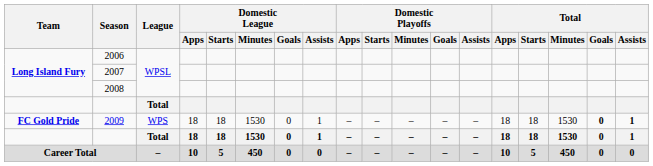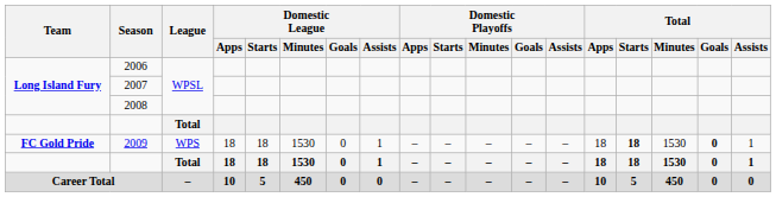 <table class="wikitable" style=font-size:90% text-align: center width=75%>
 <tr>
 <th rowspan=2 width=15%>Team</th>
 <th rowspan=2 width=7%>Season</th>
 <th rowspan=2 width=7%>League</th>
 <th colspan=5 width=20%>Domestic<br>League</th>
 <th colspan=5 width=20%>Domestic<br>Playoffs</th>
 <th colspan=5 width=10%>Total</th>
 </tr>
 <tr>
 <th align=center>Apps</th>
 <th align=center>Starts</th>
 <th align=center>Minutes</th>
 <th align=center>Goals</th>
 <th align=center>Assists</th>
 <th align=center>Apps</th>
 <th align=center>Starts</th>
 <th align=center>Minutes</th>
 <th align=center>Goals</th>
 <th align=center>Assists</th>
 <th align=center>Apps</th>
 <th align=center>Starts</th>
 <th align=center>Minutes</th>
 <th align=center>Goals</th>
 <th align=center>Assists</th>
 </tr>
 <tr>
 <td rowspan=3 align=center><strong><a href='#'>Long Island Fury</a></strong></td>
 <td align=center>2006</td>
 <td rowspan=3 align=center><a href='#'>WPSL</a></td>
 <td align=center></td>
 <td align=center></td>
 <td align=center></td>
 <td align=center></td>
 <td align=center></td>
 <td align=center></td>
 <td align=center></td>
 <td align=center></td>
 <td align=center></td>
 <td align=center></td>
 <td align=center></td>
 <td align=center></td>
 <td align=center></td>
 <td align=center></td>
 <td align=center></td>
 </tr>
 <tr>
 <td align=center>2007</td>
 <td align=center></td>
 <td align=center></td>
 <td align=center></td>
 <td align=center></td>
 <td align=center></td>
 <td align=center></td>
 <td align=center></td>
 <td align=center></td>
 <td align=center></td>
 <td align=center></td>
 <td align=center></td>
 <td align=center></td>
 <td align=center></td>
 <td align=center></td>
 <td align=center></td>
 </tr>
 <tr>
 <td align=center>2008</td>
 <td align=center></td>
 <td align=center></td>
 <td align=center></td>
 <td align=center></td>
 <td align=center></td>
 <td align=center></td>
 <td align=center></td>
 <td align=center></td>
 <td align=center></td>
 <td align=center></td>
 <td align=center></td>
 <td align=center></td>
 <td align=center></td>
 <td align=center></td>
 <td align=center></td>
 </tr>
 <tr>
 <td></td>
 <td></td>
 <th>Total</th>
 <th></th>
 <th></th>
 <th></th>
 <th></th>
 <th></th>
 <th></th>
 <th></th>
 <th></th>
 <th></th>
 <th></th>
 <th></th>
 <th></th>
 <th></th>
 <th></th>
 <th></th>
 </tr>
 <tr>
 <td rowspan=1 align=center><strong><a href='#'>FC Gold Pride</a></strong></td>
 <td align=center><a href='#'>2009</a></td>
 <td align=center><a href='#'>WPS</a></td>
 <td align=center>18</td>
 <td align=center>18</td>
 <td align=center>1530</td>
 <td align=center>0</td>
 <td align=center>1</td>
 <td align=center>–</td>
 <td align=center>–</td>
 <td align=center>–</td>
 <td align=center>–</td>
 <td align=center>–</td>
 <td align=center>18</td>
-<td align=center>18</td>
+<td align=center><strong>18</strong></td>
 <td align=center>1530</td>
 <td align=center><strong>0</strong></td>
-<td align=center><strong>1</strong></td>
+<td align=center>1</td>
 </tr>
 <tr>
 <td></td>
 <td></td>
 <th>Total</th>
 <th>18</th>
 <th>18</th>
 <th>1530</th>
 <th>0</th>
 <th>1</th>
 <th>–</th>
 <th>–</th>
 <th>–</th>
 <th>–</th>
 <th>–</th>
 <th>18</th>
 <th>18</th>
 <th>1530</th>
 <th>0</th>
 <th>1</th>
 </tr>
 <tr>
 <th style="background: #DCDCDC" colspan="2">Career Total</th>
 <th style="background: #DCDCDC" align=center>–</th>
 <th style="background: #DCDCDC" align=center>10</th>
 <th style="background: #DCDCDC" align=center>5</th>
 <th style="background: #DCDCDC" align=center>450</th>
 <th style="background: #DCDCDC" align=center>0</th>
 <th style="background: #DCDCDC" align=center>0</th>
 <th style="background: #DCDCDC" align=center>–</th>
 <th style="background: #DCDCDC" align=center>–</th>
 <th style="background: #DCDCDC" align=center>–</th>
 <th style="background: #DCDCDC" align=center>–</th>
 <th style="background: #DCDCDC" align=center>–</th>
 <th style="background: #DCDCDC" align=center>10</th>
 <th style="background: #DCDCDC" align=center>5</th>
 <th style="background: #DCDCDC" align=center>450</th>
 <th style="background: #DCDCDC" align=center>0</th>
 <th style="background: #DCDCDC" align=center>0</th>
 </tr>
 </table>
